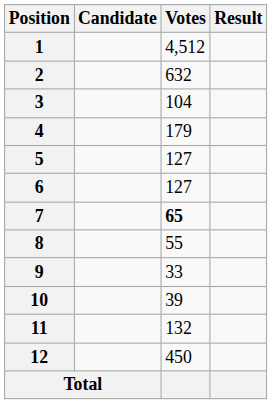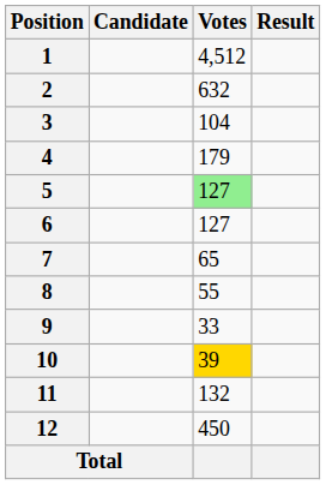 <table class="wikitable sortable col3right">
 <tr>
 <th scope="col">Position</th>
 <th scope="col">Candidate</th>
 <th scope="col">Votes</th>
 <th scope="col">Result</th>
 </tr>
 <tr>
 <th scope="row">1</th>
 <td></td>
 <td>4,512</td>
 <td></td>
 </tr>
 <tr>
 <th scope="row">2</th>
 <td></td>
 <td>632</td>
 <td></td>
 </tr>
 <tr>
 <th scope="row">3</th>
 <td></td>
 <td>104</td>
 <td></td>
 </tr>
 <tr>
 <th scope="row">4</th>
 <td></td>
 <td>179</td>
 <td></td>
 </tr>
 <tr>
 <th scope="row">5</th>
 <td></td>
-<td>127</td>
+<td style="background: lightgreen;">127</td>
 <td></td>
 </tr>
 <tr>
 <th scope="row">6</th>
 <td></td>
 <td>127</td>
 <td></td>
 </tr>
 <tr>
 <th scope="row">7</th>
 <td></td>
-<td><strong>65</strong></td>
+<td>65</td>
 <td></td>
 </tr>
 <tr>
 <th scope="row">8</th>
 <td></td>
 <td>55</td>
 <td></td>
 </tr>
 <tr>
 <th scope="row">9</th>
 <td></td>
 <td>33</td>
 <td></td>
 </tr>
 <tr>
 <th scope="row">10</th>
 <td></td>
-<td>39</td>
+<td style="background: gold;">39</td>
 <td></td>
 </tr>
 <tr>
 <th scope="row">11</th>
 <td></td>
 <td>132</td>
 <td></td>
 </tr>
 <tr>
 <th scope="row">12</th>
 <td></td>
 <td>450</td>
 <td></td>
 </tr>
 <tr class="sortbottom">
 <th scope="row" colspan="2">Total</th>
 <th></th>
 <th></th>
 </tr>
 </table>
